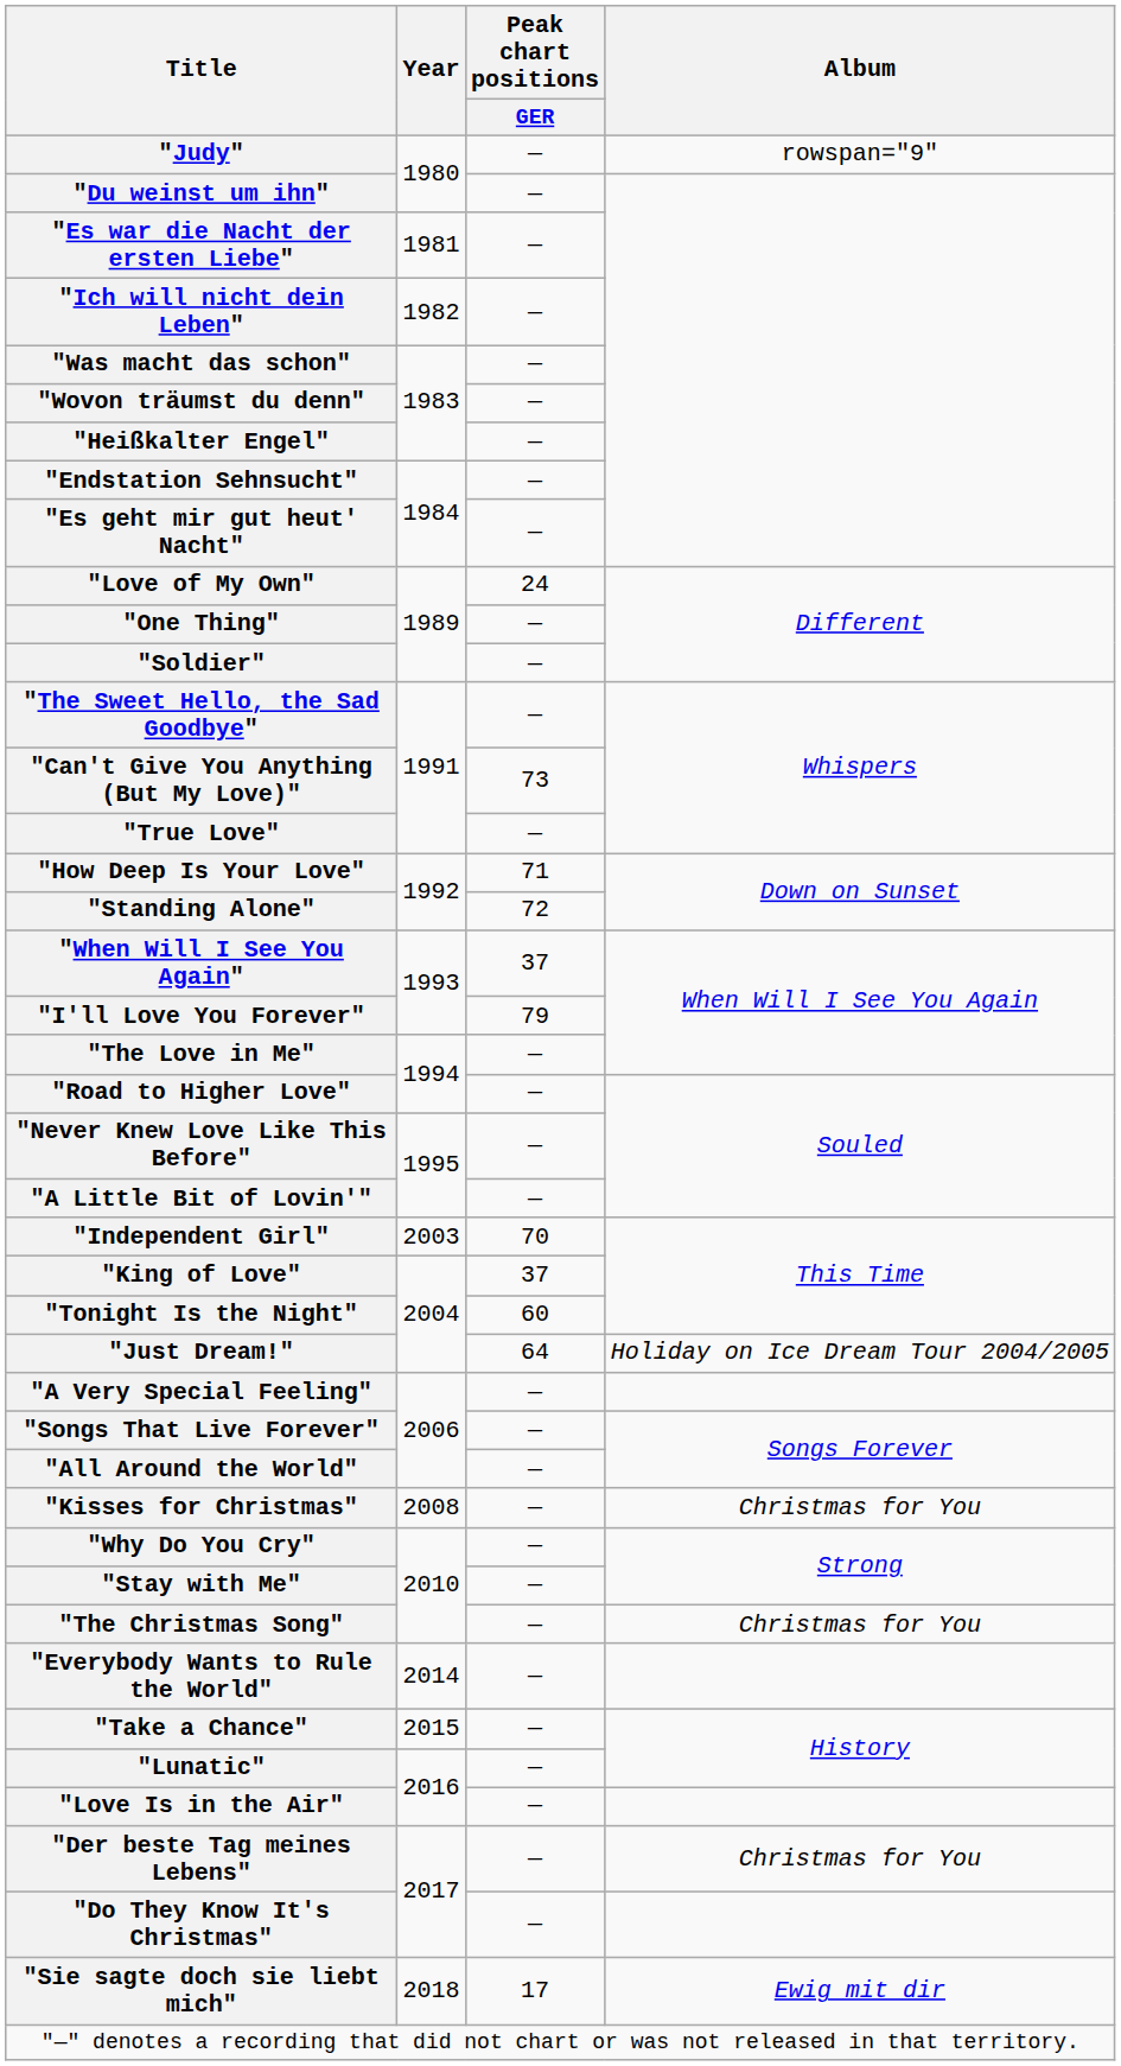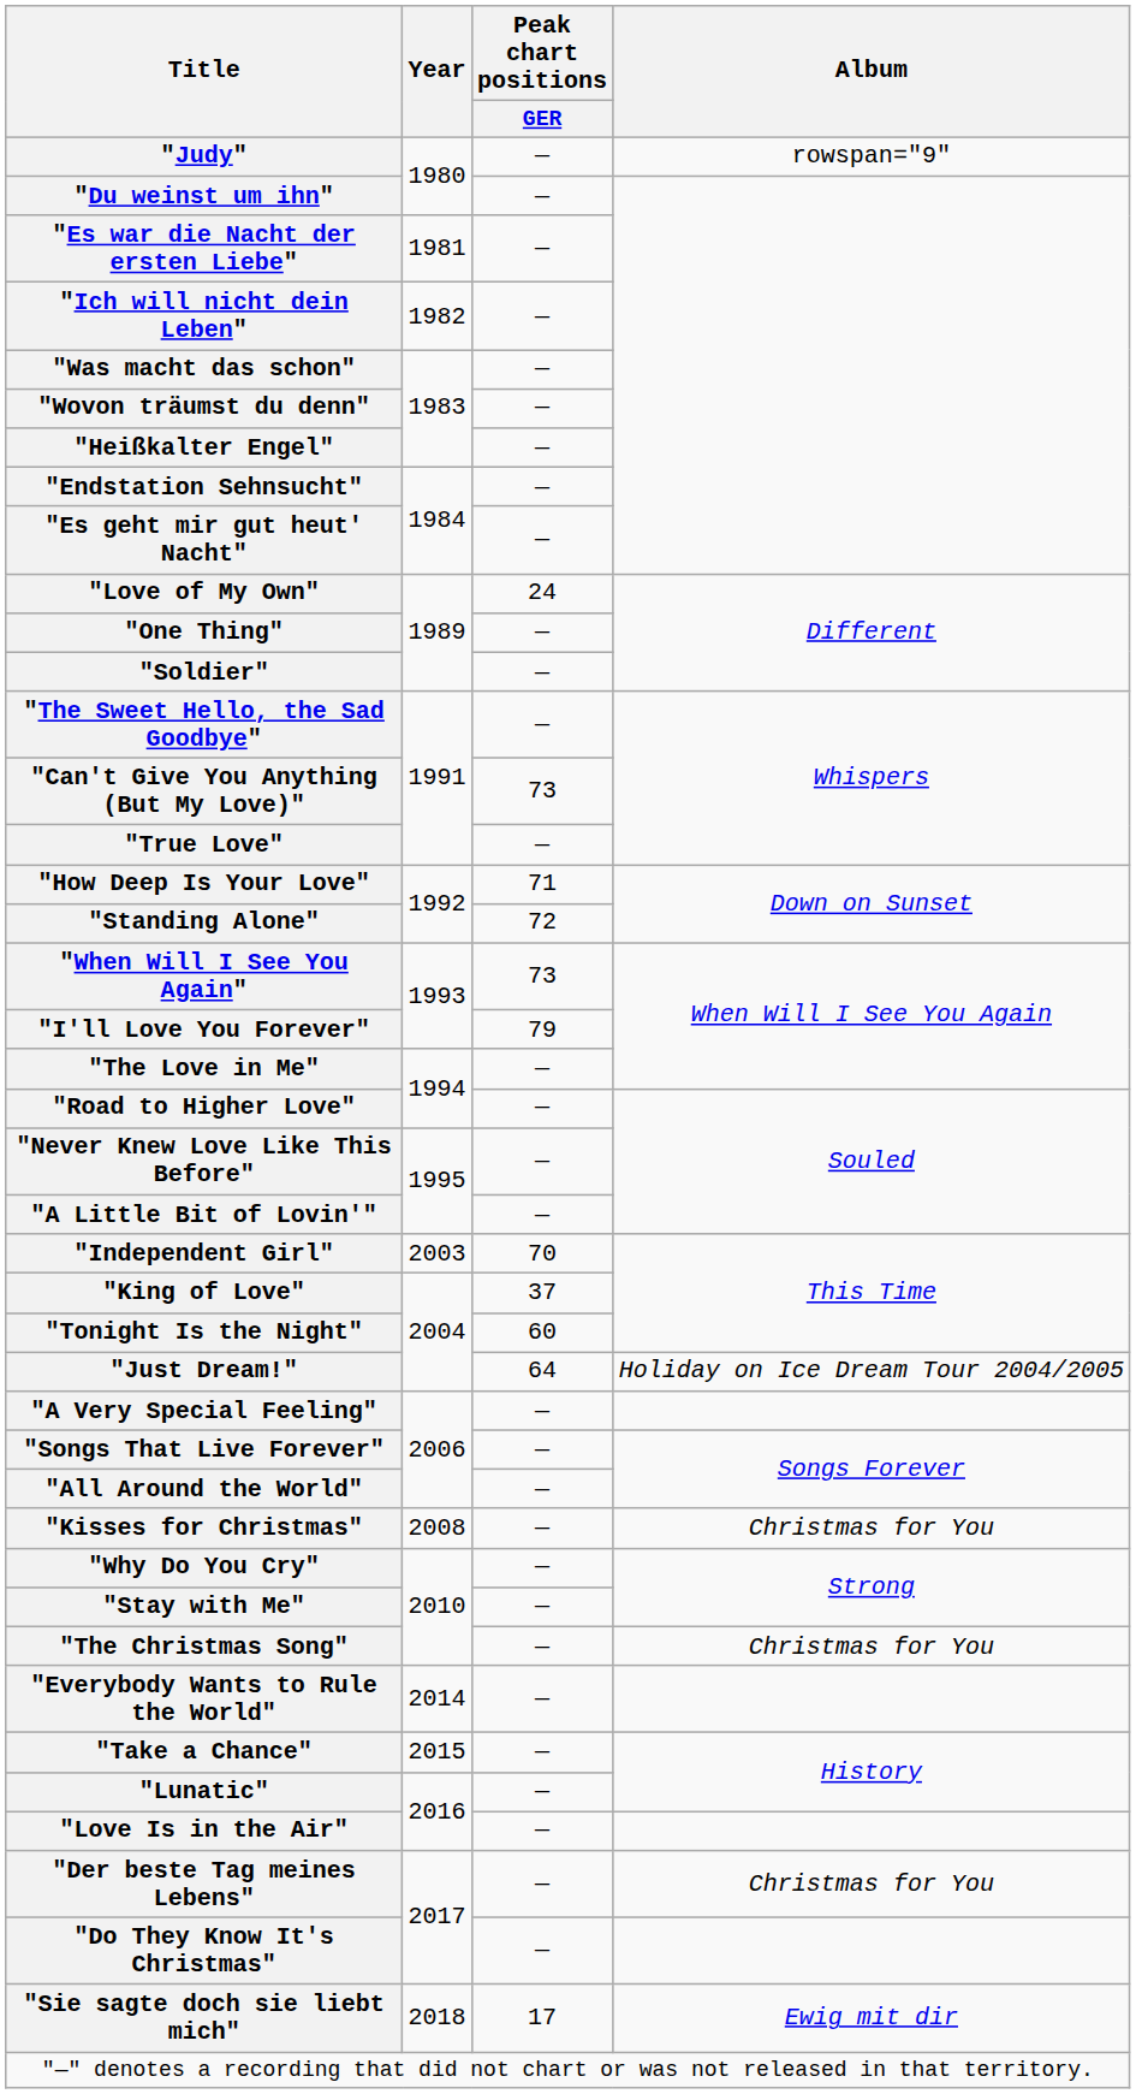 <table class="wikitable plainrowheaders" style="text-align:center;">
 <tr>
 <th scope="col" rowspan="2" style="width:16em;">Title</th>
 <th scope="col" rowspan="2" style="width:2em;">Year</th>
 <th scope="col" colspan="1">Peak chart positions</th>
 <th scope="col" rowspan="2">Album</th>
 </tr>
 <tr>
 <th scope="col" style="width:2.5em;font-size:90%;"><a href='#'>GER</a><br></th>
 </tr>
 <tr>
 <th scope="row">"<a href='#'>Judy</a>"</th>
 <td rowspan="2">1980</td>
 <td>—</td>
 <td>rowspan="9" </td>
 </tr>
 <tr>
 <th scope="row">"<a href='#'>Du weinst um ihn</a>"</th>
 <td>—</td>
 </tr>
 <tr>
 <th scope="row">"<a href='#'>Es war die Nacht der ersten Liebe</a>"</th>
 <td>1981</td>
 <td>—</td>
 </tr>
 <tr>
 <th scope="row">"<a href='#'>Ich will nicht dein Leben</a>"</th>
 <td>1982</td>
 <td>—</td>
 </tr>
 <tr>
 <th scope="row">"Was macht das schon"</th>
 <td rowspan="3">1983</td>
 <td>—</td>
 </tr>
 <tr>
 <th scope="row">"Wovon träumst du denn"</th>
 <td>—</td>
 </tr>
 <tr>
 <th scope="row">"Heißkalter Engel"</th>
 <td>—</td>
 </tr>
 <tr>
 <th scope="row">"Endstation Sehnsucht"</th>
 <td rowspan="2">1984</td>
 <td>—</td>
 </tr>
 <tr>
 <th scope="row">"Es geht mir gut heut' Nacht"</th>
 <td>—</td>
 </tr>
 <tr>
 <th scope="row">"Love of My Own"</th>
 <td rowspan="3">1989</td>
 <td>24</td>
 <td rowspan="3"><em><a href='#'>Different</a></em></td>
 </tr>
 <tr>
 <th scope="row">"One Thing"</th>
 <td>—</td>
 </tr>
 <tr>
 <th scope="row">"Soldier"</th>
 <td>—</td>
 </tr>
 <tr>
 <th scope="row">"<a href='#'>The Sweet Hello, the Sad Goodbye</a>"</th>
 <td rowspan="3">1991</td>
 <td>—</td>
 <td rowspan="3"><em><a href='#'>Whispers</a></em></td>
 </tr>
 <tr>
 <th scope="row">"Can't Give You Anything (But My Love)"</th>
 <td>73</td>
 </tr>
 <tr>
 <th scope="row">"True Love"</th>
 <td>—</td>
 </tr>
 <tr>
 <th scope="row">"How Deep Is Your Love"</th>
 <td rowspan="2">1992</td>
 <td>71</td>
 <td rowspan="2"><em><a href='#'>Down on Sunset</a></em></td>
 </tr>
 <tr>
 <th scope="row">"Standing Alone"<br></th>
 <td>72</td>
 </tr>
 <tr>
 <th scope="row">"<a href='#'>When Will I See You Again</a>"<br></th>
 <td rowspan="2">1993</td>
-<td>37</td>
+<td>73</td>
 <td rowspan="3"><em><a href='#'>When Will I See You Again</a></em></td>
 </tr>
 <tr>
 <th scope="row">"I'll Love You Forever"</th>
 <td>79</td>
 </tr>
 <tr>
 <th scope="row">"The Love in Me"</th>
 <td rowspan="2">1994</td>
 <td>—</td>
 </tr>
 <tr>
 <th scope="row">"Road to Higher Love"</th>
 <td>—</td>
 <td rowspan="3"><em><a href='#'>Souled</a></em></td>
 </tr>
 <tr>
 <th scope="row">"Never Knew Love Like This Before"</th>
 <td rowspan="2">1995</td>
 <td>—</td>
 </tr>
 <tr>
 <th scope="row">"A Little Bit of Lovin'"</th>
 <td>—</td>
 </tr>
 <tr>
 <th scope="row">"Independent Girl"</th>
 <td>2003</td>
 <td>70</td>
 <td rowspan="3"><em><a href='#'>This Time</a></em></td>
 </tr>
 <tr>
 <th scope="row">"King of Love"</th>
 <td rowspan="3">2004</td>
 <td>37</td>
 </tr>
 <tr>
 <th scope="row">"Tonight Is the Night"</th>
 <td>60</td>
 </tr>
 <tr>
 <th scope="row">"Just Dream!"</th>
 <td>64</td>
 <td><em>Holiday on Ice Dream Tour 2004/2005</em></td>
 </tr>
 <tr>
 <th scope="row">"A Very Special Feeling"</th>
 <td rowspan="3">2006</td>
 <td>—</td>
 <td></td>
 </tr>
 <tr>
 <th scope="row">"Songs That Live Forever"</th>
 <td>—</td>
 <td rowspan="2"><em><a href='#'>Songs Forever</a></em></td>
 </tr>
 <tr>
 <th scope="row">"All Around the World"</th>
 <td>—</td>
 </tr>
 <tr>
 <th scope="row">"Kisses for Christmas"</th>
 <td>2008</td>
 <td>—</td>
 <td><em>Christmas for You</em></td>
 </tr>
 <tr>
 <th scope="row">"Why Do You Cry"</th>
 <td rowspan="3">2010</td>
 <td>—</td>
 <td rowspan="2"><em><a href='#'>Strong</a></em></td>
 </tr>
 <tr>
 <th scope="row">"Stay with Me"</th>
 <td>—</td>
 </tr>
 <tr>
 <th scope="row">"The Christmas Song"</th>
 <td>—</td>
 <td><em>Christmas for You</em></td>
 </tr>
 <tr>
 <th scope="row">"Everybody Wants to Rule the World"</th>
 <td>2014</td>
 <td>—</td>
 <td></td>
 </tr>
 <tr>
 <th scope="row">"Take a Chance"</th>
 <td>2015</td>
 <td>—</td>
 <td rowspan="2"><em><a href='#'>History</a></em></td>
 </tr>
 <tr>
 <th scope="row">"Lunatic"</th>
 <td rowspan="2">2016</td>
 <td>—</td>
 </tr>
 <tr>
 <th scope="row">"Love Is in the Air"</th>
 <td>—</td>
 <td></td>
 </tr>
 <tr>
 <th scope="row">"Der beste Tag meines Lebens"</th>
 <td rowspan="2">2017</td>
 <td>—</td>
 <td><em>Christmas for You</em></td>
 </tr>
 <tr>
 <th scope="row">"Do They Know It's Christmas"</th>
 <td>—</td>
 <td></td>
 </tr>
 <tr>
 <th scope="row">"Sie sagte doch sie liebt mich"<br></th>
 <td>2018</td>
 <td>17</td>
 <td><em><a href='#'>Ewig mit dir</a></em></td>
 </tr>
 <tr>
 <td colspan="14" style="font-size:90%">"—" denotes a recording that did not chart or was not released in that territory.</td>
 </tr>
 </table>
